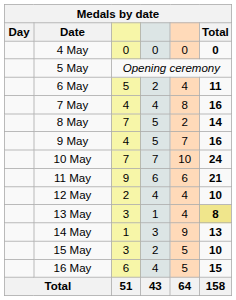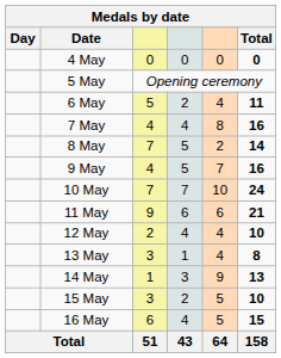 <table class="wikitable" style="font-size:90%; text-align:center;">
 <tr style="background:#efefef;">
 <th colspan=6><strong>Medals by date</strong></th>
 </tr>
 <tr>
 <th width=30><strong>Day</strong></th>
 <th width=90><strong>Date</strong></th>
 <th width=30 style="background:#F7F6A8;"></th>
 <th width=30 style="background:#DCE5E5;"></th>
 <th width=30 style="background:#FFDAB9;"></th>
 <th width=30><strong>Total</strong></th>
 </tr>
 <tr>
 <td></td>
 <td>4 May</td>
 <td style="background:#F7F6A8;">0</td>
 <td style="background:#DCE5E5;">0</td>
 <td style="background:#FFDAB9;">0</td>
 <td><strong>0</strong></td>
 </tr>
 <tr>
 <td></td>
 <td>5 May</td>
 <td colspan="4"> <em>Opening ceremony</em></td>
 </tr>
 <tr>
 <td></td>
 <td>6 May</td>
 <td style="background:#F7F6A8;">5</td>
 <td style="background:#DCE5E5;">2</td>
 <td style="background:#FFDAB9;">4</td>
 <td><strong>11</strong></td>
 </tr>
 <tr>
 <td></td>
 <td>7 May</td>
 <td style="background:#F7F6A8;">4</td>
 <td style="background:#DCE5E5;">4</td>
 <td style="background:#FFDAB9;">8</td>
 <td><strong>16</strong></td>
 </tr>
 <tr>
 <td></td>
 <td>8 May</td>
 <td style="background:#F7F6A8;">7</td>
 <td style="background:#DCE5E5;">5</td>
 <td style="background:#FFDAB9;">2</td>
 <td><strong>14</strong></td>
 </tr>
 <tr>
 <td></td>
 <td>9 May</td>
 <td style="background:#F7F6A8;">4</td>
 <td style="background:#DCE5E5;">5</td>
 <td style="background:#FFDAB9;">7</td>
 <td><strong>16</strong></td>
 </tr>
 <tr>
 <td></td>
 <td>10 May</td>
 <td style="background:#F7F6A8;">7</td>
 <td style="background:#DCE5E5;">7</td>
 <td style="background:#FFDAB9;">10</td>
 <td><strong>24</strong></td>
 </tr>
 <tr>
 <td></td>
 <td>11 May</td>
 <td style="background:#F7F6A8;">9</td>
 <td style="background:#DCE5E5;">6</td>
 <td style="background:#FFDAB9;">6</td>
 <td><strong>21</strong></td>
 </tr>
 <tr>
 <td></td>
 <td>12 May</td>
 <td style="background:#F7F6A8;">2</td>
 <td style="background:#DCE5E5;">4</td>
 <td style="background:#FFDAB9;">4</td>
 <td><strong>10</strong></td>
 </tr>
 <tr>
 <td></td>
 <td>13 May</td>
 <td style="background:#F7F6A8;">3</td>
 <td style="background:#DCE5E5;">1</td>
 <td style="background:#FFDAB9;">4</td>
-<td style="background: khaki;"><strong>8</strong></td>
+<td><strong>8</strong></td>
 </tr>
 <tr>
 <td></td>
 <td>14 May</td>
 <td style="background:#F7F6A8;">1</td>
 <td style="background:#DCE5E5;">3</td>
 <td style="background:#FFDAB9;">9</td>
 <td><strong>13</strong></td>
 </tr>
 <tr>
 <td></td>
 <td>15 May</td>
 <td style="background:#F7F6A8;">3</td>
 <td style="background:#DCE5E5;">2</td>
 <td style="background:#FFDAB9;">5</td>
 <td><strong>10</strong></td>
 </tr>
 <tr>
 <td></td>
 <td>16 May</td>
 <td style="background:#F7F6A8;">6</td>
 <td style="background:#DCE5E5;">4</td>
 <td style="background:#FFDAB9;">5</td>
 <td><strong>15</strong></td>
 </tr>
 <tr>
 <th colspan="2"><strong>Total</strong></th>
 <th><strong>51</strong></th>
 <th><strong>43</strong></th>
 <th><strong>64</strong></th>
 <th><strong>158</strong></th>
 </tr>
 </table>
